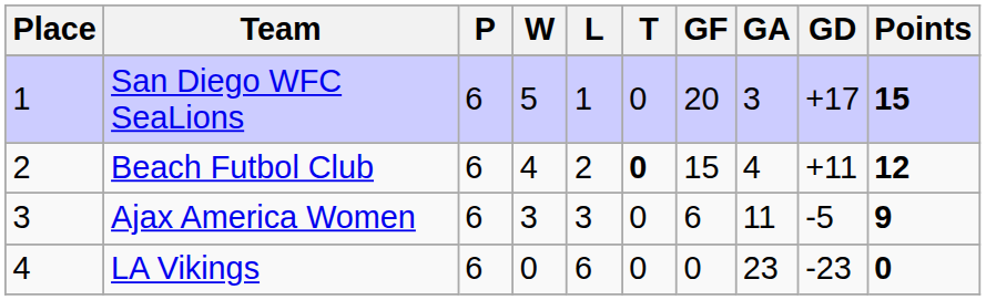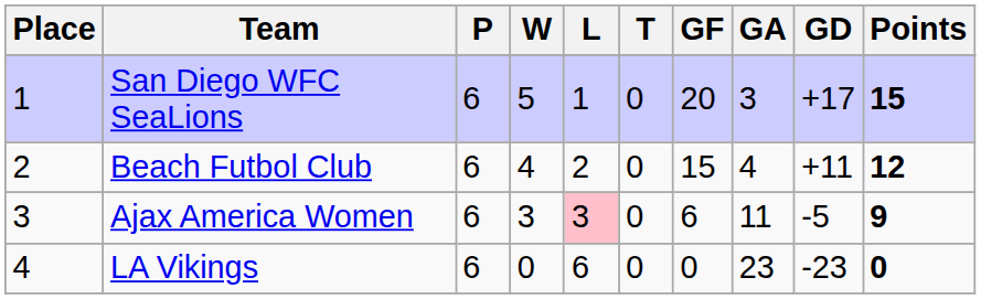 <table class="wikitable">
 <tr>
 <th>Place</th>
 <th width="170">Team</th>
 <th width="20">P</th>
 <th width="20">W</th>
 <th width="20">L</th>
 <th width="20">T</th>
 <th width="20">GF</th>
 <th width="20">GA</th>
 <th width="25">GD</th>
 <th>Points</th>
 </tr>
 <tr>
 </tr>
 <tr bgcolor=#ccccff>
 <td>1</td>
 <td><a href='#'>San Diego WFC SeaLions</a></td>
 <td>6</td>
 <td>5</td>
 <td>1</td>
 <td>0</td>
 <td>20</td>
 <td>3</td>
 <td>+17</td>
 <td><strong>15</strong></td>
 </tr>
 <tr>
 <td>2</td>
 <td><a href='#'>Beach Futbol Club</a></td>
 <td>6</td>
 <td>4</td>
 <td>2</td>
-<td><strong>0</strong></td>
+<td>0</td>
 <td>15</td>
 <td>4</td>
 <td>+11</td>
 <td><strong>12</strong></td>
 </tr>
 <tr>
 <td>3</td>
 <td><a href='#'>Ajax America Women</a></td>
 <td>6</td>
 <td>3</td>
-<td>3</td>
+<td style="background: pink;">3</td>
 <td>0</td>
 <td>6</td>
 <td>11</td>
 <td>-5</td>
 <td><strong>9</strong></td>
 </tr>
 <tr>
 <td>4</td>
 <td><a href='#'>LA Vikings</a></td>
 <td>6</td>
 <td>0</td>
 <td>6</td>
 <td>0</td>
 <td>0</td>
 <td>23</td>
 <td>-23</td>
 <td><strong>0</strong></td>
 </tr>
 </table>
